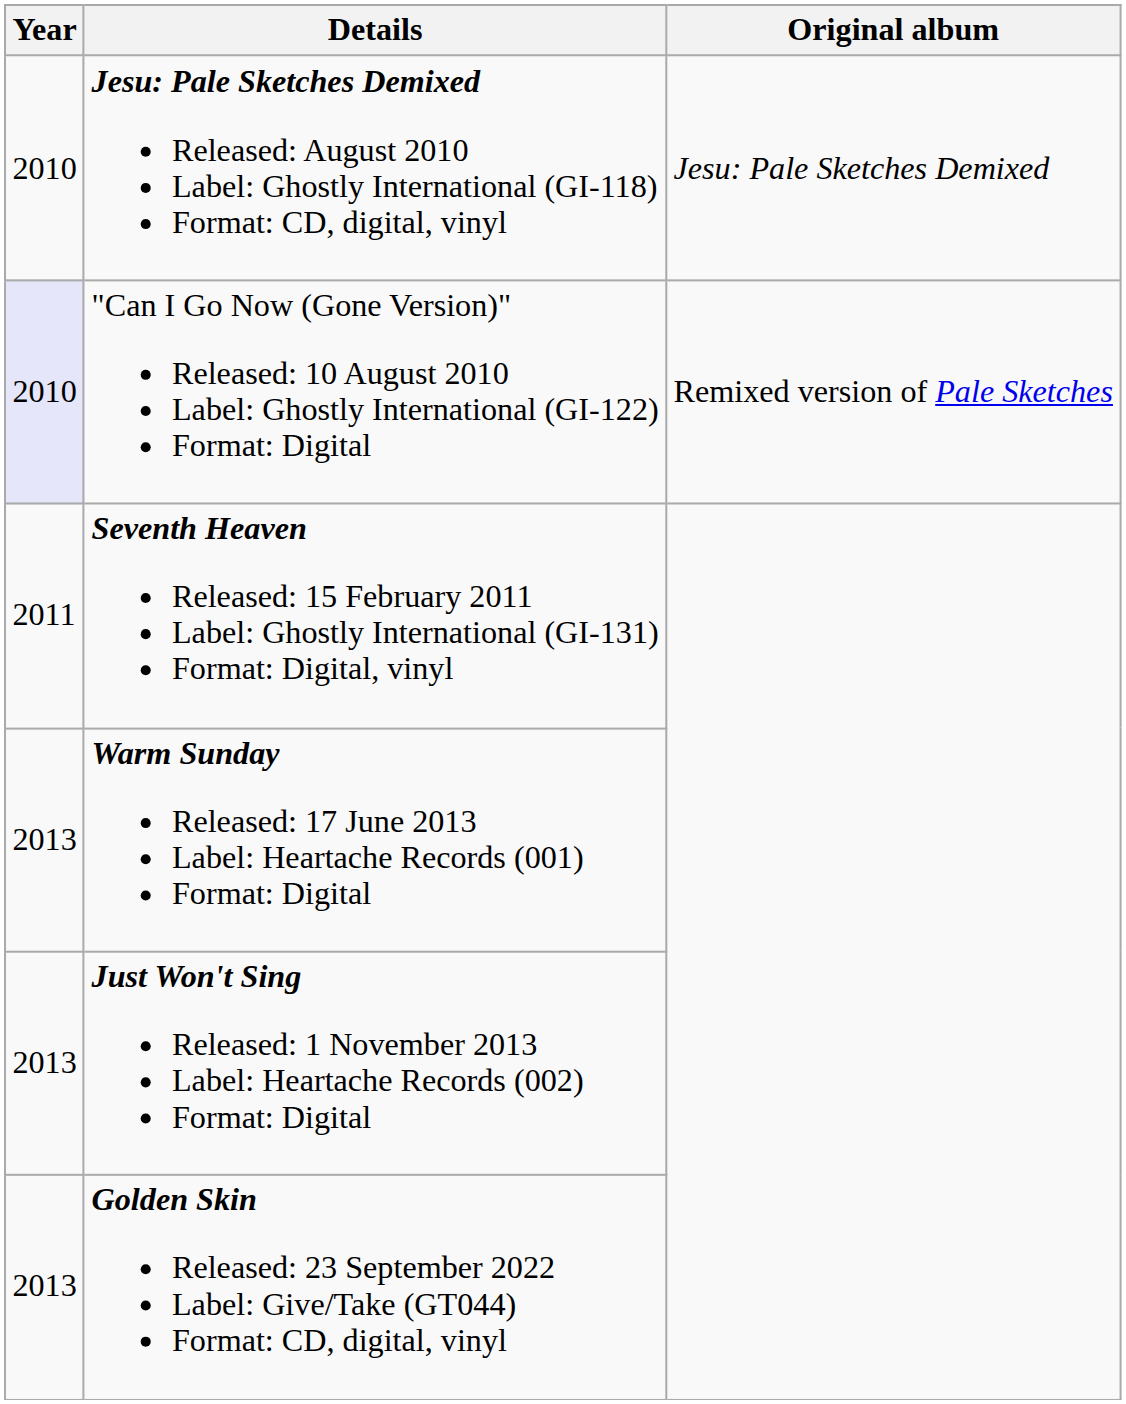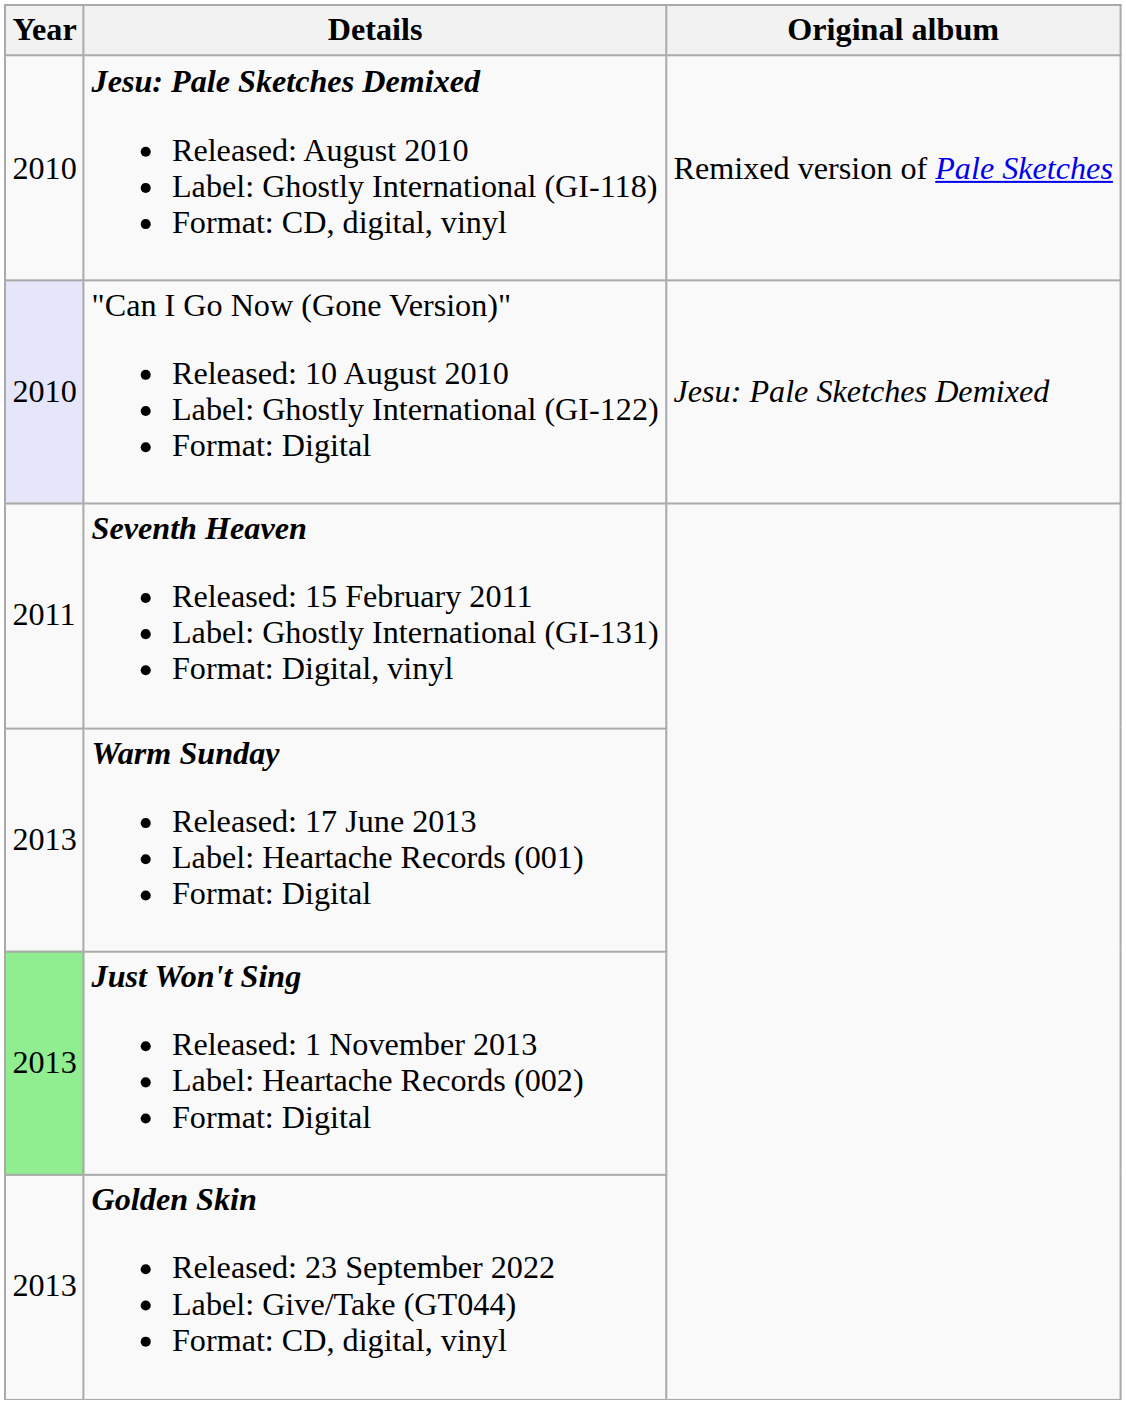 <table class="wikitable">
 <tr>
 <th>Year</th>
 <th>Details</th>
 <th>Original album</th>
 </tr>
 <tr>
 <td>2010</td>
 <td><strong><em>Jesu: Pale Sketches Demixed</em></strong><br><ul><li>Released: August 2010</li><li>Label: Ghostly International (GI-118)</li><li>Format: CD, digital, vinyl</li></ul></td>
-<td><em>Jesu: Pale Sketches Demixed</em></td>
+<td>Remixed version of <em><a href='#'>Pale Sketches</a></em></td>
 </tr>
 <tr>
 <td style="background: lavender;">2010</td>
 <td>"Can I Go Now (Gone Version)"<br><ul><li>Released: 10 August 2010</li><li>Label: Ghostly International (GI-122)</li><li>Format: Digital</li></ul></td>
-<td>Remixed version of <em><a href='#'>Pale Sketches</a></em></td>
+<td><em>Jesu: Pale Sketches Demixed</em></td>
 </tr>
 <tr>
 <td>2011</td>
 <td><strong><em>Seventh Heaven</em></strong><br><ul><li>Released: 15 February 2011</li><li>Label: Ghostly International (GI-131)</li><li>Format: Digital, vinyl</li></ul></td>
 </tr>
 <tr>
 <td>2013</td>
 <td><strong><em>Warm Sunday</em></strong><br><ul><li>Released: 17 June 2013</li><li>Label:  Heartache Records (001)</li><li>Format: Digital</li></ul></td>
 </tr>
 <tr>
-<td>2013</td>
+<td style="background: lightgreen;">2013</td>
 <td><strong><em>Just Won't Sing</em></strong><br><ul><li>Released: 1 November 2013</li><li>Label:  Heartache Records (002)</li><li>Format: Digital</li></ul></td>
 </tr>
 <tr>
 <td>2013</td>
 <td><strong><em>Golden Skin</em></strong><br><ul><li>Released: 23 September 2022</li><li>Label:  Give/Take (GT044)</li><li>Format: CD, digital, vinyl</li></ul></td>
 </tr>
 </table>
